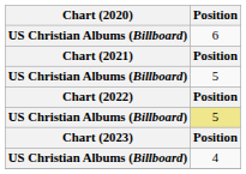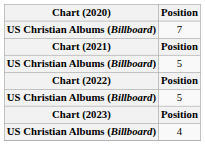 <table class="wikitable plainrowheaders" style="text-align:center">
 <tr>
 <th scope="col">Chart (2020)</th>
 <th scope="col">Position</th>
 </tr>
 <tr>
 <th scope="row">US Christian Albums (<em>Billboard</em>)</th>
-<td>6</td>
+<td>7</td>
 </tr>
 <tr>
 <th scope="col">Chart (2021)</th>
 <th scope="col">Position</th>
 </tr>
 <tr>
 <th scope="row">US Christian Albums (<em>Billboard</em>)</th>
 <td>5</td>
 </tr>
 <tr>
 <th scope="col">Chart (2022)</th>
 <th scope="col">Position</th>
 </tr>
 <tr>
 <th scope="row">US Christian Albums (<em>Billboard</em>)</th>
-<td style="background: khaki;">5</td>
+<td>5</td>
 </tr>
 <tr>
 <th scope="col">Chart (2023)</th>
 <th scope="col">Position</th>
 </tr>
 <tr>
 <th scope="row">US Christian Albums (<em>Billboard</em>)</th>
 <td>4</td>
 </tr>
 <tr>
 </tr>
 </table>
